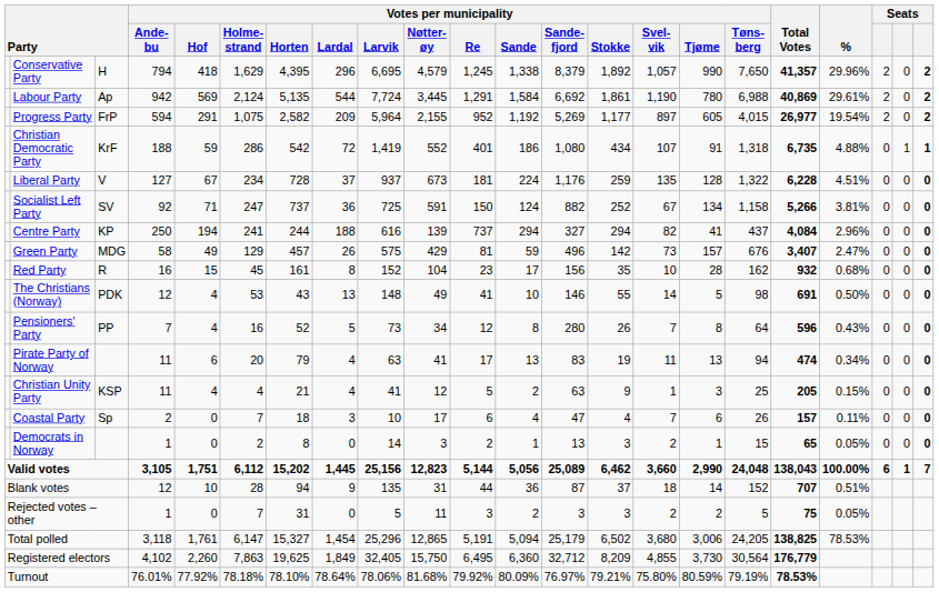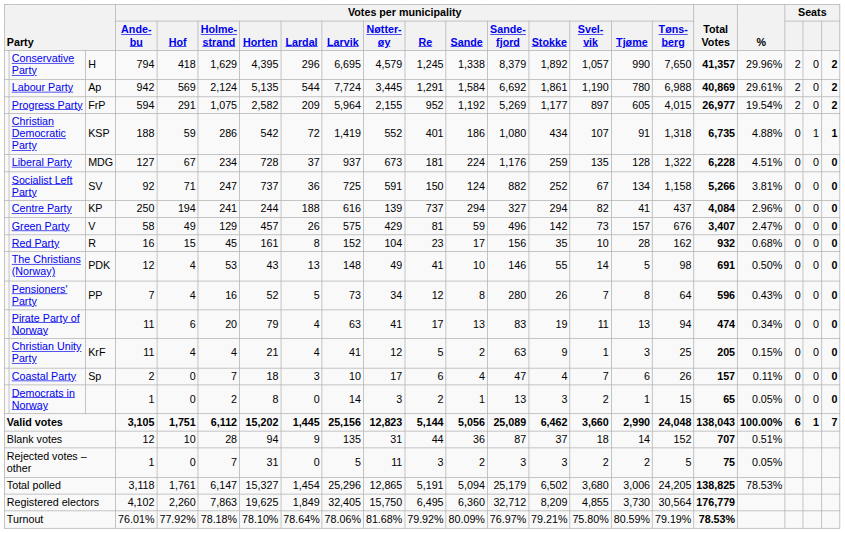 <table class="wikitable" border="1" style="text-align:right;">
 <tr>
 <th style="text-align:left;" valign=bottom rowspan=2 colspan=3>Party</th>
 <th colspan=14>Votes per municipality</th>
 <th align=center valign=bottom rowspan=2 width="50">Total Votes</th>
 <th align=center valign=bottom rowspan=2 width="50">%</th>
 <th colspan=3>Seats</th>
 </tr>
 <tr>
 <th align=center valign=bottom width="50"><a href='#'>Ande- bu</a></th>
 <th align=center valign=bottom width="50"><a href='#'>Hof</a></th>
 <th align=center valign=bottom width="50"><a href='#'>Holme- strand</a></th>
 <th align=center valign=bottom width="50"><a href='#'>Horten</a></th>
 <th align=center valign=bottom width="50"><a href='#'>Lardal</a></th>
 <th align=center valign=bottom width="50"><a href='#'>Larvik</a></th>
 <th align=center valign=bottom width="50"><a href='#'>Nøtter- øy</a></th>
 <th align=center valign=bottom width="50"><a href='#'>Re</a></th>
 <th align=center valign=bottom width="50"><a href='#'>Sande</a></th>
 <th align=center valign=bottom width="50"><a href='#'>Sande- fjord</a></th>
 <th align=center valign=bottom width="50"><a href='#'>Stokke</a></th>
 <th align=center valign=bottom width="50"><a href='#'>Svel- vik</a></th>
 <th align=center valign=bottom width="50"><a href='#'>Tjøme</a></th>
 <th align=center valign=bottom width="50"><a href='#'>Tøns- berg</a></th>
 <th align=center valign=bottom width="20"><small></small></th>
 <th align=center valign=bottom width="20"><small><a href='#'></a></small></th>
 <th align=center valign=bottom width="20"><small></small></th>
 </tr>
 <tr>
 <td style="color:inherit;background:"></td>
 <td align=left><a href='#'>Conservative Party</a></td>
 <td align=left>H</td>
 <td>794</td>
 <td>418</td>
 <td>1,629</td>
 <td>4,395</td>
 <td>296</td>
 <td>6,695</td>
 <td>4,579</td>
 <td>1,245</td>
 <td>1,338</td>
 <td>8,379</td>
 <td>1,892</td>
 <td>1,057</td>
 <td>990</td>
 <td>7,650</td>
 <td><strong>41,357</strong></td>
 <td>29.96%</td>
 <td>2</td>
 <td>0</td>
 <td><strong>2</strong></td>
 </tr>
 <tr>
 <td style="color:inherit;background:"></td>
 <td align=left><a href='#'>Labour Party</a></td>
 <td align=left>Ap</td>
 <td>942</td>
 <td>569</td>
 <td>2,124</td>
 <td>5,135</td>
 <td>544</td>
 <td>7,724</td>
 <td>3,445</td>
 <td>1,291</td>
 <td>1,584</td>
 <td>6,692</td>
 <td>1,861</td>
 <td>1,190</td>
 <td>780</td>
 <td>6,988</td>
 <td><strong>40,869</strong></td>
 <td>29.61%</td>
 <td>2</td>
 <td>0</td>
 <td><strong>2</strong></td>
 </tr>
 <tr>
 <td style="color:inherit;background:"></td>
 <td align=left><a href='#'>Progress Party</a></td>
 <td align=left>FrP</td>
 <td>594</td>
 <td>291</td>
 <td>1,075</td>
 <td>2,582</td>
 <td>209</td>
 <td>5,964</td>
 <td>2,155</td>
 <td>952</td>
 <td>1,192</td>
 <td>5,269</td>
 <td>1,177</td>
 <td>897</td>
 <td>605</td>
 <td>4,015</td>
 <td><strong>26,977</strong></td>
 <td>19.54%</td>
 <td>2</td>
 <td>0</td>
 <td><strong>2</strong></td>
 </tr>
 <tr>
 <td style="color:inherit;background:"></td>
 <td align=left><a href='#'>Christian Democratic Party</a></td>
-<td align=left>KrF</td>
+<td align=left>KSP</td>
 <td>188</td>
 <td>59</td>
 <td>286</td>
 <td>542</td>
 <td>72</td>
 <td>1,419</td>
 <td>552</td>
 <td>401</td>
 <td>186</td>
 <td>1,080</td>
 <td>434</td>
 <td>107</td>
 <td>91</td>
 <td>1,318</td>
 <td><strong>6,735</strong></td>
 <td>4.88%</td>
 <td>0</td>
 <td>1</td>
 <td><strong>1</strong></td>
 </tr>
 <tr>
 <td style="color:inherit;background:"></td>
 <td align=left><a href='#'>Liberal Party</a></td>
-<td align=left>V</td>
+<td align=left>MDG</td>
 <td>127</td>
 <td>67</td>
 <td>234</td>
 <td>728</td>
 <td>37</td>
 <td>937</td>
 <td>673</td>
 <td>181</td>
 <td>224</td>
 <td>1,176</td>
 <td>259</td>
 <td>135</td>
 <td>128</td>
 <td>1,322</td>
 <td><strong>6,228</strong></td>
 <td>4.51%</td>
 <td>0</td>
 <td>0</td>
 <td><strong>0</strong></td>
 </tr>
 <tr>
 <td style="color:inherit;background:"></td>
 <td align=left><a href='#'>Socialist Left Party</a></td>
 <td align=left>SV</td>
 <td>92</td>
 <td>71</td>
 <td>247</td>
 <td>737</td>
 <td>36</td>
 <td>725</td>
 <td>591</td>
 <td>150</td>
 <td>124</td>
 <td>882</td>
 <td>252</td>
 <td>67</td>
 <td>134</td>
 <td>1,158</td>
 <td><strong>5,266</strong></td>
 <td>3.81%</td>
 <td>0</td>
 <td>0</td>
 <td><strong>0</strong></td>
 </tr>
 <tr>
 <td style="color:inherit;background:"></td>
 <td align=left><a href='#'>Centre Party</a></td>
 <td align=left>KP</td>
 <td>250</td>
 <td>194</td>
 <td>241</td>
 <td>244</td>
 <td>188</td>
 <td>616</td>
 <td>139</td>
 <td>737</td>
 <td>294</td>
 <td>327</td>
 <td>294</td>
 <td>82</td>
 <td>41</td>
 <td>437</td>
 <td><strong>4,084</strong></td>
 <td>2.96%</td>
 <td>0</td>
 <td>0</td>
 <td><strong>0</strong></td>
 </tr>
 <tr>
 <td style="color:inherit;background:"></td>
 <td align=left><a href='#'>Green Party</a></td>
-<td align=left>MDG</td>
+<td align=left>V</td>
 <td>58</td>
 <td>49</td>
 <td>129</td>
 <td>457</td>
 <td>26</td>
 <td>575</td>
 <td>429</td>
 <td>81</td>
 <td>59</td>
 <td>496</td>
 <td>142</td>
 <td>73</td>
 <td>157</td>
 <td>676</td>
 <td><strong>3,407</strong></td>
 <td>2.47%</td>
 <td>0</td>
 <td>0</td>
 <td><strong>0</strong></td>
 </tr>
 <tr>
 <td style="color:inherit;background:"></td>
 <td align=left><a href='#'>Red Party</a></td>
 <td align=left>R</td>
 <td>16</td>
 <td>15</td>
 <td>45</td>
 <td>161</td>
 <td>8</td>
 <td>152</td>
 <td>104</td>
 <td>23</td>
 <td>17</td>
 <td>156</td>
 <td>35</td>
 <td>10</td>
 <td>28</td>
 <td>162</td>
 <td><strong>932</strong></td>
 <td>0.68%</td>
 <td>0</td>
 <td>0</td>
 <td><strong>0</strong></td>
 </tr>
 <tr>
 <td style="color:inherit;background:"></td>
 <td align=left><a href='#'>The Christians (Norway)</a></td>
 <td align=left>PDK</td>
 <td>12</td>
 <td>4</td>
 <td>53</td>
 <td>43</td>
 <td>13</td>
 <td>148</td>
 <td>49</td>
 <td>41</td>
 <td>10</td>
 <td>146</td>
 <td>55</td>
 <td>14</td>
 <td>5</td>
 <td>98</td>
 <td><strong>691</strong></td>
 <td>0.50%</td>
 <td>0</td>
 <td>0</td>
 <td><strong>0</strong></td>
 </tr>
 <tr>
 <td style="color:inherit;background:"></td>
 <td align=left><a href='#'>Pensioners' Party</a></td>
 <td align=left>PP</td>
 <td>7</td>
 <td>4</td>
 <td>16</td>
 <td>52</td>
 <td>5</td>
 <td>73</td>
 <td>34</td>
 <td>12</td>
 <td>8</td>
 <td>280</td>
 <td>26</td>
 <td>7</td>
 <td>8</td>
 <td>64</td>
 <td><strong>596</strong></td>
 <td>0.43%</td>
 <td>0</td>
 <td>0</td>
 <td><strong>0</strong></td>
 </tr>
 <tr>
 <td style="color:inherit;background:"></td>
 <td align=left><a href='#'>Pirate Party of Norway</a></td>
 <td align=left></td>
 <td>11</td>
 <td>6</td>
 <td>20</td>
 <td>79</td>
 <td>4</td>
 <td>63</td>
 <td>41</td>
 <td>17</td>
 <td>13</td>
 <td>83</td>
 <td>19</td>
 <td>11</td>
 <td>13</td>
 <td>94</td>
 <td><strong>474</strong></td>
 <td>0.34%</td>
 <td>0</td>
 <td>0</td>
 <td><strong>0</strong></td>
 </tr>
 <tr>
 <td style="color:inherit;background:"></td>
 <td align=left><a href='#'>Christian Unity Party</a></td>
-<td align=left>KSP</td>
+<td align=left>KrF</td>
 <td>11</td>
 <td>4</td>
 <td>4</td>
 <td>21</td>
 <td>4</td>
 <td>41</td>
 <td>12</td>
 <td>5</td>
 <td>2</td>
 <td>63</td>
 <td>9</td>
 <td>1</td>
 <td>3</td>
 <td>25</td>
 <td><strong>205</strong></td>
 <td>0.15%</td>
 <td>0</td>
 <td>0</td>
 <td><strong>0</strong></td>
 </tr>
 <tr>
 <td style="color:inherit;background:"></td>
 <td align=left><a href='#'>Coastal Party</a></td>
 <td align=left>Sp</td>
 <td>2</td>
 <td>0</td>
 <td>7</td>
 <td>18</td>
 <td>3</td>
 <td>10</td>
 <td>17</td>
 <td>6</td>
 <td>4</td>
 <td>47</td>
 <td>4</td>
 <td>7</td>
 <td>6</td>
 <td>26</td>
 <td><strong>157</strong></td>
 <td>0.11%</td>
 <td>0</td>
 <td>0</td>
 <td><strong>0</strong></td>
 </tr>
 <tr>
 <td style="color:inherit;background:"></td>
 <td align=left><a href='#'>Democrats in Norway</a></td>
 <td align=left></td>
 <td>1</td>
 <td>0</td>
 <td>2</td>
 <td>8</td>
 <td>0</td>
 <td>14</td>
 <td>3</td>
 <td>2</td>
 <td>1</td>
 <td>13</td>
 <td>3</td>
 <td>2</td>
 <td>1</td>
 <td>15</td>
 <td><strong>65</strong></td>
 <td>0.05%</td>
 <td>0</td>
 <td>0</td>
 <td><strong>0</strong></td>
 </tr>
 <tr style="font-weight:bold">
 <td align=left colspan=3>Valid votes</td>
 <td>3,105</td>
 <td>1,751</td>
 <td>6,112</td>
 <td>15,202</td>
 <td>1,445</td>
 <td>25,156</td>
 <td>12,823</td>
 <td>5,144</td>
 <td>5,056</td>
 <td>25,089</td>
 <td>6,462</td>
 <td>3,660</td>
 <td>2,990</td>
 <td>24,048</td>
 <td>138,043</td>
 <td>100.00%</td>
 <td>6</td>
 <td>1</td>
 <td>7</td>
 </tr>
 <tr>
 <td align=left colspan=3>Blank votes</td>
 <td>12</td>
 <td>10</td>
 <td>28</td>
 <td>94</td>
 <td>9</td>
 <td>135</td>
 <td>31</td>
 <td>44</td>
 <td>36</td>
 <td>87</td>
 <td>37</td>
 <td>18</td>
 <td>14</td>
 <td>152</td>
 <td><strong>707</strong></td>
 <td>0.51%</td>
 <td></td>
 <td></td>
 <td></td>
 </tr>
 <tr>
 <td align=left colspan=3>Rejected votes – other</td>
 <td>1</td>
 <td>0</td>
 <td>7</td>
 <td>31</td>
 <td>0</td>
 <td>5</td>
 <td>11</td>
 <td>3</td>
 <td>2</td>
 <td>3</td>
 <td>3</td>
 <td>2</td>
 <td>2</td>
 <td>5</td>
 <td><strong>75</strong></td>
 <td>0.05%</td>
 <td></td>
 <td></td>
 <td></td>
 </tr>
 <tr>
 <td align=left colspan=3>Total polled</td>
 <td>3,118</td>
 <td>1,761</td>
 <td>6,147</td>
 <td>15,327</td>
 <td>1,454</td>
 <td>25,296</td>
 <td>12,865</td>
 <td>5,191</td>
 <td>5,094</td>
 <td>25,179</td>
 <td>6,502</td>
 <td>3,680</td>
 <td>3,006</td>
 <td>24,205</td>
 <td><strong>138,825</strong></td>
 <td>78.53%</td>
 <td></td>
 <td></td>
 <td></td>
 </tr>
 <tr>
 <td align=left colspan=3>Registered electors</td>
 <td>4,102</td>
 <td>2,260</td>
 <td>7,863</td>
 <td>19,625</td>
 <td>1,849</td>
 <td>32,405</td>
 <td>15,750</td>
 <td>6,495</td>
 <td>6,360</td>
 <td>32,712</td>
 <td>8,209</td>
 <td>4,855</td>
 <td>3,730</td>
 <td>30,564</td>
 <td><strong>176,779</strong></td>
 <td></td>
 <td></td>
 <td></td>
 <td></td>
 </tr>
 <tr>
 <td align=left colspan=3>Turnout</td>
 <td>76.01%</td>
 <td>77.92%</td>
 <td>78.18%</td>
 <td>78.10%</td>
 <td>78.64%</td>
 <td>78.06%</td>
 <td>81.68%</td>
 <td>79.92%</td>
 <td>80.09%</td>
 <td>76.97%</td>
 <td>79.21%</td>
 <td>75.80%</td>
 <td>80.59%</td>
 <td>79.19%</td>
 <td><strong>78.53%</strong></td>
 <td></td>
 <td></td>
 <td></td>
 <td></td>
 </tr>
 </table>
